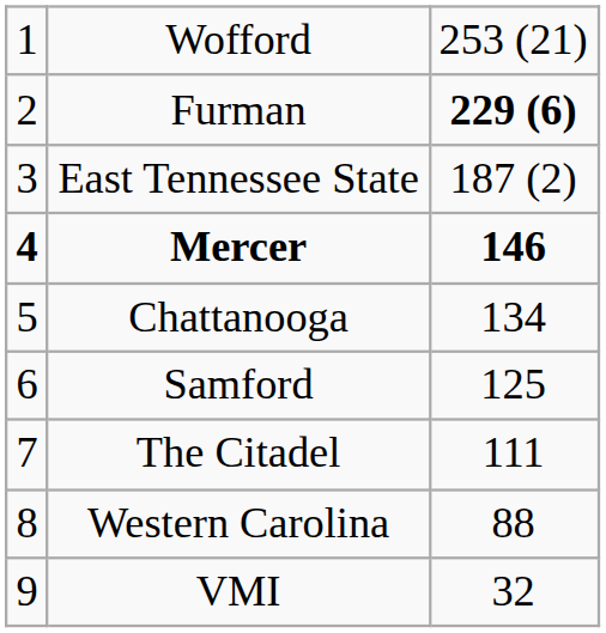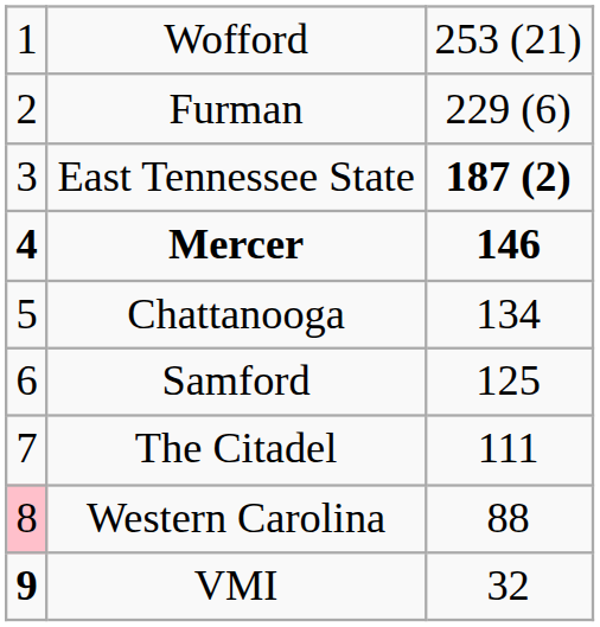 <table class="wikitable" style="display: inline-table;">
 <tr align="center">
 <td>1</td>
 <td>Wofford</td>
 <td>253 (21)</td>
 </tr>
 <tr align="center">
 <td>2</td>
 <td>Furman</td>
-<td><strong>229 (6)</strong></td>
+<td>229 (6)</td>
 </tr>
 <tr align="center">
 <td>3</td>
 <td>East Tennessee State</td>
-<td>187 (2)</td>
+<td><strong>187 (2)</strong></td>
 </tr>
 <tr align="center">
 <td><strong>4</strong></td>
 <td><strong>Mercer</strong></td>
 <td><strong>146</strong></td>
 </tr>
 <tr align="center">
 <td>5</td>
 <td>Chattanooga</td>
 <td>134</td>
 </tr>
 <tr align="center">
 <td>6</td>
 <td>Samford</td>
 <td>125</td>
 </tr>
 <tr align="center">
 <td>7</td>
 <td>The Citadel</td>
 <td>111</td>
 </tr>
 <tr align="center">
-<td>8</td>
+<td style="background: pink;">8</td>
 <td>Western Carolina</td>
 <td>88</td>
 </tr>
 <tr align="center">
-<td>9</td>
+<td><strong>9</strong></td>
 <td>VMI</td>
 <td>32</td>
 </tr>
 </table>
